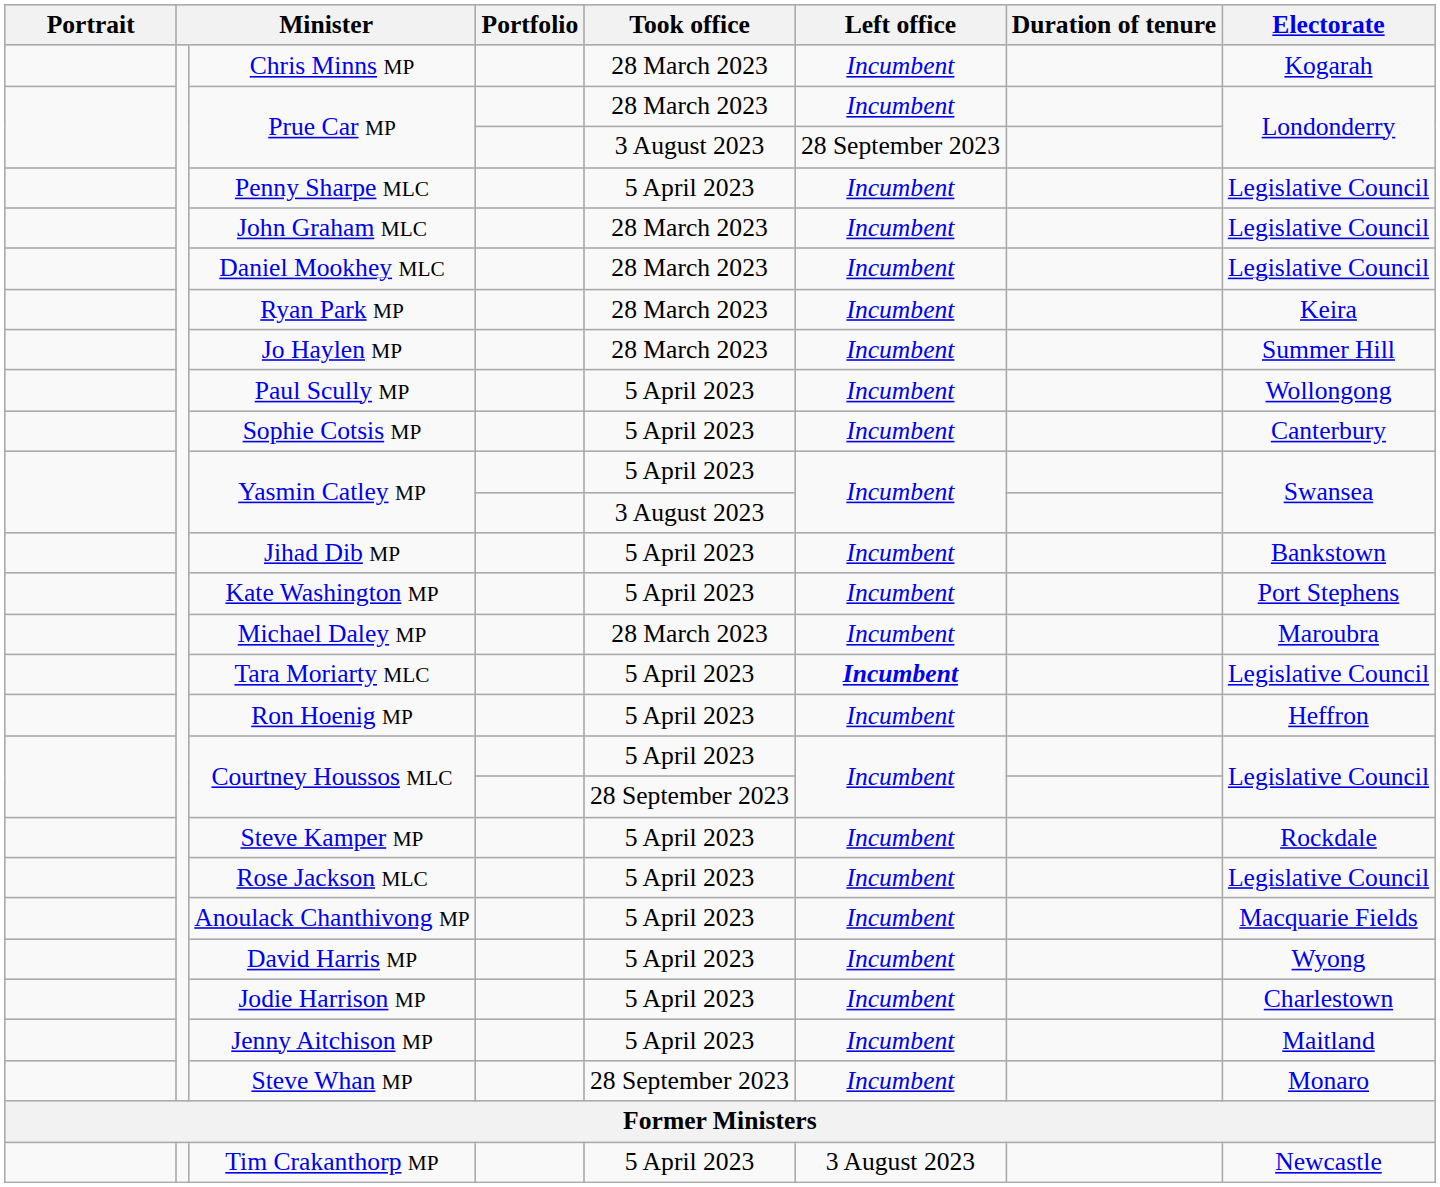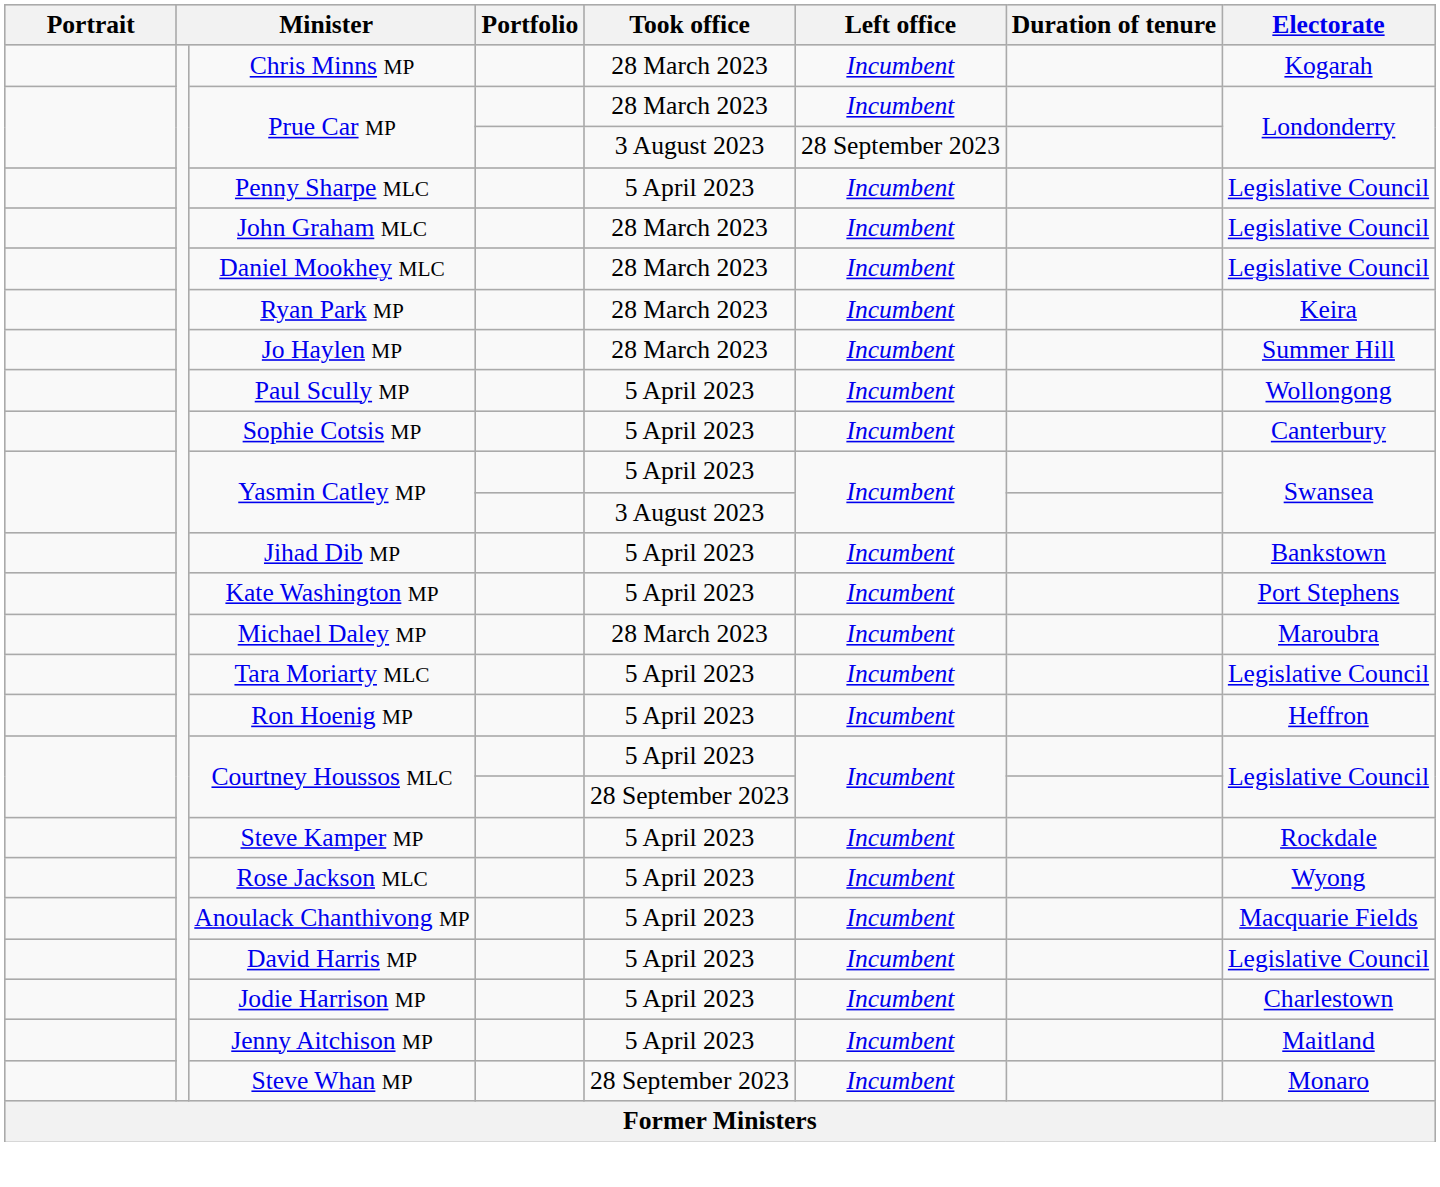 <table class="wikitable sortable" style="border:#555; text-align:center; ">
 <tr>
 <th class="unsortable" style="width:100px;">Portrait</th>
 <th colspan="2" class="unsortable" style="width:5px;">Minister</th>
 <th>Portfolio</th>
 <th>Took office</th>
 <th>Left office</th>
 <th>Duration of tenure</th>
 <th><a href='#'>Electorate</a></th>
 </tr>
 <tr>
 <td></td>
 <td rowspan="26" style="background-color: "></td>
 <td><a href='#'>Chris Minns</a> <small>MP</small></td>
 <td></td>
 <td>28 March 2023</td>
 <td><em><a href='#'>Incumbent</a></em></td>
 <td></td>
 <td><a href='#'>Kogarah</a></td>
 </tr>
 <tr>
 <td rowspan="2"></td>
 <td rowspan="2"><a href='#'>Prue Car</a> <small>MP</small></td>
 <td></td>
 <td>28 March 2023</td>
 <td><em><a href='#'>Incumbent</a></em></td>
 <td></td>
 <td rowspan="2"><a href='#'>Londonderry</a></td>
 </tr>
 <tr>
 <td></td>
 <td>3 August 2023</td>
 <td>28 September 2023</td>
 <td></td>
 </tr>
 <tr>
 <td></td>
 <td><a href='#'>Penny Sharpe</a> <small>MLC</small></td>
 <td></td>
 <td>5 April 2023</td>
 <td><em><a href='#'>Incumbent</a></em></td>
 <td></td>
 <td><a href='#'>Legislative Council</a></td>
 </tr>
 <tr>
 <td></td>
 <td><a href='#'>John Graham</a> <small>MLC</small></td>
 <td></td>
 <td>28 March 2023</td>
 <td><em><a href='#'>Incumbent</a></em></td>
 <td></td>
 <td><a href='#'>Legislative Council</a></td>
 </tr>
 <tr>
 <td></td>
 <td><a href='#'>Daniel Mookhey</a> <small>MLC</small></td>
 <td></td>
 <td>28 March 2023</td>
 <td><em><a href='#'>Incumbent</a></em></td>
 <td></td>
 <td><a href='#'>Legislative Council</a></td>
 </tr>
 <tr>
 <td></td>
 <td><a href='#'>Ryan Park</a> <small>MP</small></td>
 <td></td>
 <td>28 March 2023</td>
 <td><em><a href='#'>Incumbent</a></em></td>
 <td></td>
 <td><a href='#'>Keira</a></td>
 </tr>
 <tr>
 <td></td>
 <td><a href='#'>Jo Haylen</a> <small>MP</small></td>
 <td></td>
 <td>28 March 2023</td>
 <td><em><a href='#'>Incumbent</a></em></td>
 <td></td>
 <td><a href='#'>Summer Hill</a></td>
 </tr>
 <tr>
 <td></td>
 <td><a href='#'>Paul Scully</a> <small>MP</small></td>
 <td></td>
 <td>5 April 2023</td>
 <td><em><a href='#'>Incumbent</a></em></td>
 <td></td>
 <td><a href='#'>Wollongong</a></td>
 </tr>
 <tr>
 <td></td>
 <td><a href='#'>Sophie Cotsis</a> <small>MP</small></td>
 <td></td>
 <td>5 April 2023</td>
 <td><em><a href='#'>Incumbent</a></em></td>
 <td></td>
 <td><a href='#'>Canterbury</a></td>
 </tr>
 <tr>
 <td rowspan="2"></td>
 <td rowspan="2"><a href='#'>Yasmin Catley</a> <small>MP</small></td>
 <td></td>
 <td>5 April 2023</td>
 <td rowspan="2"><em><a href='#'>Incumbent</a></em></td>
 <td></td>
 <td rowspan="2"><a href='#'>Swansea</a></td>
 </tr>
 <tr>
 <td></td>
 <td>3 August 2023</td>
 <td></td>
 </tr>
 <tr>
 <td></td>
 <td><a href='#'>Jihad Dib</a> <small>MP</small></td>
 <td></td>
 <td>5 April 2023</td>
 <td><em><a href='#'>Incumbent</a></em></td>
 <td></td>
 <td><a href='#'>Bankstown</a></td>
 </tr>
 <tr>
 <td></td>
 <td><a href='#'>Kate Washington</a> <small>MP</small></td>
 <td></td>
 <td>5 April 2023</td>
 <td><em><a href='#'>Incumbent</a></em></td>
 <td></td>
 <td><a href='#'>Port Stephens</a></td>
 </tr>
 <tr>
 <td></td>
 <td><a href='#'>Michael Daley</a> <small>MP</small></td>
 <td></td>
 <td>28 March 2023</td>
 <td><em><a href='#'>Incumbent</a></em></td>
 <td></td>
 <td><a href='#'>Maroubra</a></td>
 </tr>
 <tr>
 <td></td>
 <td><a href='#'>Tara Moriarty</a> <small>MLC</small></td>
 <td></td>
 <td>5 April 2023</td>
-<td><strong><em><a href='#'>Incumbent</a></em></strong></td>
+<td><em><a href='#'>Incumbent</a></em></td>
 <td></td>
 <td><a href='#'>Legislative Council</a></td>
 </tr>
 <tr>
 <td></td>
 <td><a href='#'>Ron Hoenig</a> <small>MP</small></td>
 <td></td>
 <td>5 April 2023</td>
 <td><em><a href='#'>Incumbent</a></em></td>
 <td></td>
 <td><a href='#'>Heffron</a></td>
 </tr>
 <tr>
 <td rowspan="2"></td>
 <td rowspan="2"><a href='#'>Courtney Houssos</a> <small>MLC</small></td>
 <td></td>
 <td>5 April 2023</td>
 <td rowspan="2"><em><a href='#'>Incumbent</a></em></td>
 <td></td>
 <td rowspan="2"><a href='#'>Legislative Council</a></td>
 </tr>
 <tr>
 <td></td>
 <td>28 September 2023</td>
 <td></td>
 </tr>
 <tr>
 <td></td>
 <td><a href='#'>Steve Kamper</a> <small>MP</small></td>
 <td></td>
 <td>5 April 2023</td>
 <td><em><a href='#'>Incumbent</a></em></td>
 <td></td>
 <td><a href='#'>Rockdale</a></td>
 </tr>
 <tr>
 <td></td>
 <td><a href='#'>Rose Jackson</a> <small>MLC</small></td>
 <td></td>
 <td>5 April 2023</td>
 <td><em><a href='#'>Incumbent</a></em></td>
 <td></td>
-<td><a href='#'>Legislative Council</a></td>
+<td><a href='#'>Wyong</a></td>
 </tr>
 <tr>
 <td></td>
 <td><a href='#'>Anoulack Chanthivong</a> <small>MP</small></td>
 <td></td>
 <td>5 April 2023</td>
 <td><em><a href='#'>Incumbent</a></em></td>
 <td></td>
 <td><a href='#'>Macquarie Fields</a></td>
 </tr>
 <tr>
 <td></td>
 <td><a href='#'>David Harris</a> <small>MP</small></td>
 <td></td>
 <td>5 April 2023</td>
 <td><em><a href='#'>Incumbent</a></em></td>
 <td></td>
-<td><a href='#'>Wyong</a></td>
+<td><a href='#'>Legislative Council</a></td>
 </tr>
 <tr>
 <td></td>
 <td><a href='#'>Jodie Harrison</a> <small>MP</small></td>
 <td></td>
 <td>5 April 2023</td>
 <td><em><a href='#'>Incumbent</a></em></td>
 <td></td>
 <td><a href='#'>Charlestown</a></td>
 </tr>
 <tr>
 <td></td>
 <td><a href='#'>Jenny Aitchison</a> <small>MP</small></td>
 <td></td>
 <td>5 April 2023</td>
 <td><em><a href='#'>Incumbent</a></em></td>
 <td></td>
 <td><a href='#'>Maitland</a></td>
 </tr>
 <tr>
 <td></td>
 <td><a href='#'>Steve Whan</a> <small>MP</small></td>
 <td></td>
 <td>28 September 2023</td>
 <td><em><a href='#'>Incumbent</a></em></td>
 <td></td>
 <td><a href='#'>Monaro</a></td>
 </tr>
 <tr>
 <th colspan="8">Former Ministers</th>
 </tr>
-<tr>
-<td></td>
-<td style="background-color: "></td>
-<td><a href='#'>Tim Crakanthorp</a> <small>MP</small></td>
-<td></td>
-<td>5 April 2023</td>
-<td>3 August 2023</td>
-<td></td>
-<td><a href='#'>Newcastle</a></td>
-</tr>
 </table>
